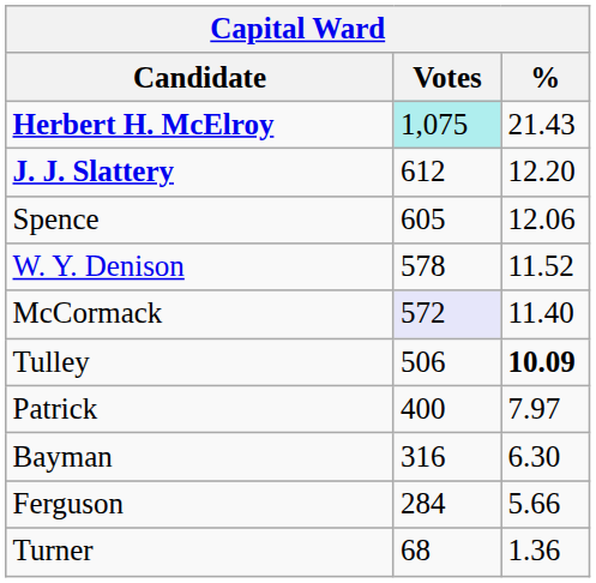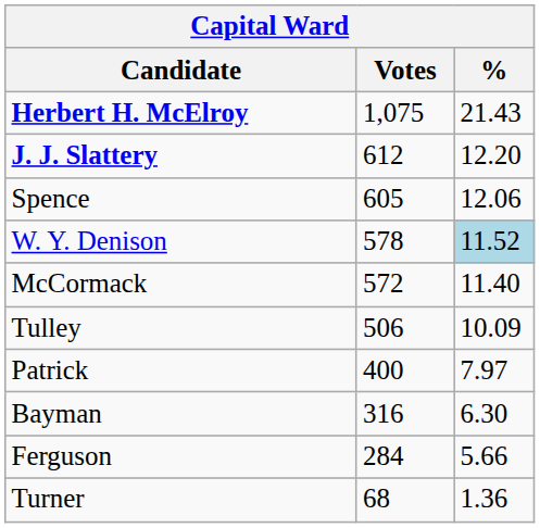 <table class="wikitable">
 <tr>
 <th colspan="3"><a href='#'>Capital Ward</a></th>
 </tr>
 <tr>
 <th style="width: 200px">Candidate</th>
 <th style="width: 50px">Votes</th>
 <th style="width: 40px">%</th>
 </tr>
 <tr>
 <td><strong><a href='#'>Herbert H. McElroy</a></strong></td>
-<td style="background: paleturquoise;">1,075</td>
+<td>1,075</td>
 <td>21.43</td>
 </tr>
 <tr>
 <td><strong><a href='#'>J. J. Slattery</a></strong></td>
 <td>612</td>
 <td>12.20</td>
 </tr>
 <tr>
 <td>Spence</td>
 <td>605</td>
 <td>12.06</td>
 </tr>
 <tr>
 <td><a href='#'>W. Y. Denison</a></td>
 <td>578</td>
-<td>11.52</td>
+<td style="background: lightblue;">11.52</td>
 </tr>
 <tr>
 <td>McCormack</td>
-<td style="background: lavender;">572</td>
+<td>572</td>
 <td>11.40</td>
 </tr>
 <tr>
 <td>Tulley</td>
 <td>506</td>
-<td><strong>10.09</strong></td>
+<td>10.09</td>
 </tr>
 <tr>
 <td>Patrick</td>
 <td>400</td>
 <td>7.97</td>
 </tr>
 <tr>
 <td>Bayman</td>
 <td>316</td>
 <td>6.30</td>
 </tr>
 <tr>
 <td>Ferguson</td>
 <td>284</td>
 <td>5.66</td>
 </tr>
 <tr>
 <td>Turner</td>
 <td>68</td>
 <td>1.36</td>
 </tr>
 </table>
